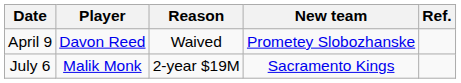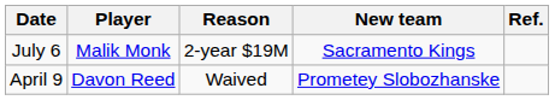 <table class="wikitable sortable sortable" style="text-align: center">
 <tr>
 <th>Date</th>
 <th>Player</th>
 <th>Reason</th>
 <th>New team</th>
 <th>Ref.</th>
 </tr>
 <tr>
+<td>July 6</td>
+<td><a href='#'>Malik Monk</a></td>
+<td>2-year $19M</td>
+<td><a href='#'>Sacramento Kings</a></td>
+<td></td>
+</tr>
+<tr>
 <td>April 9</td>
 <td><a href='#'>Davon Reed</a></td>
 <td>Waived</td>
 <td> <a href='#'>Prometey Slobozhanske</a></td>
 <td></td>
 </tr>
-<tr>
-<td>July 6</td>
-<td><a href='#'>Malik Monk</a></td>
-<td>2-year $19M</td>
-<td><a href='#'>Sacramento Kings</a></td>
-<td></td>
-</tr>
 </table>
